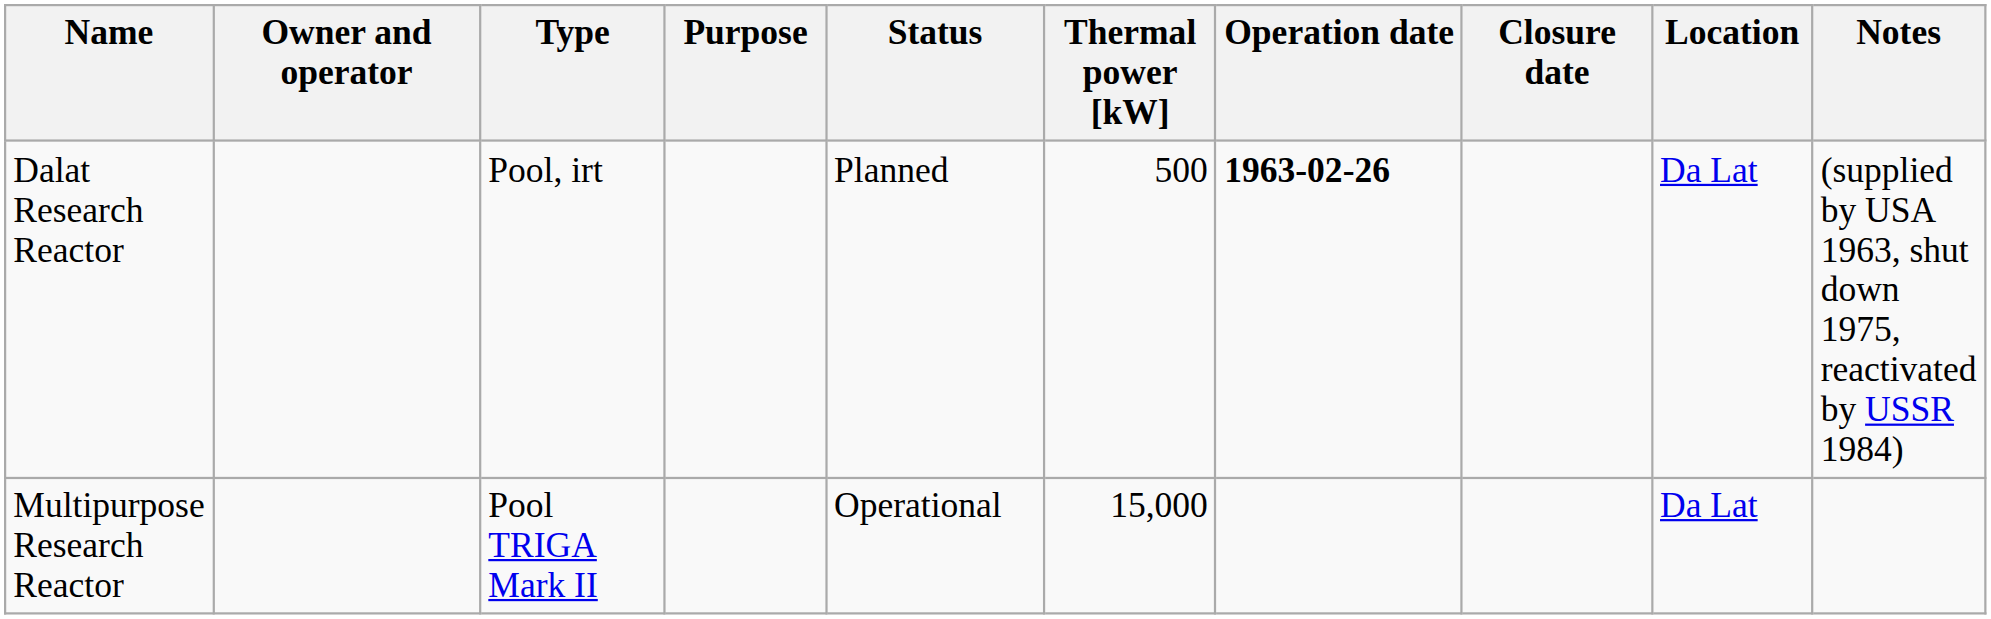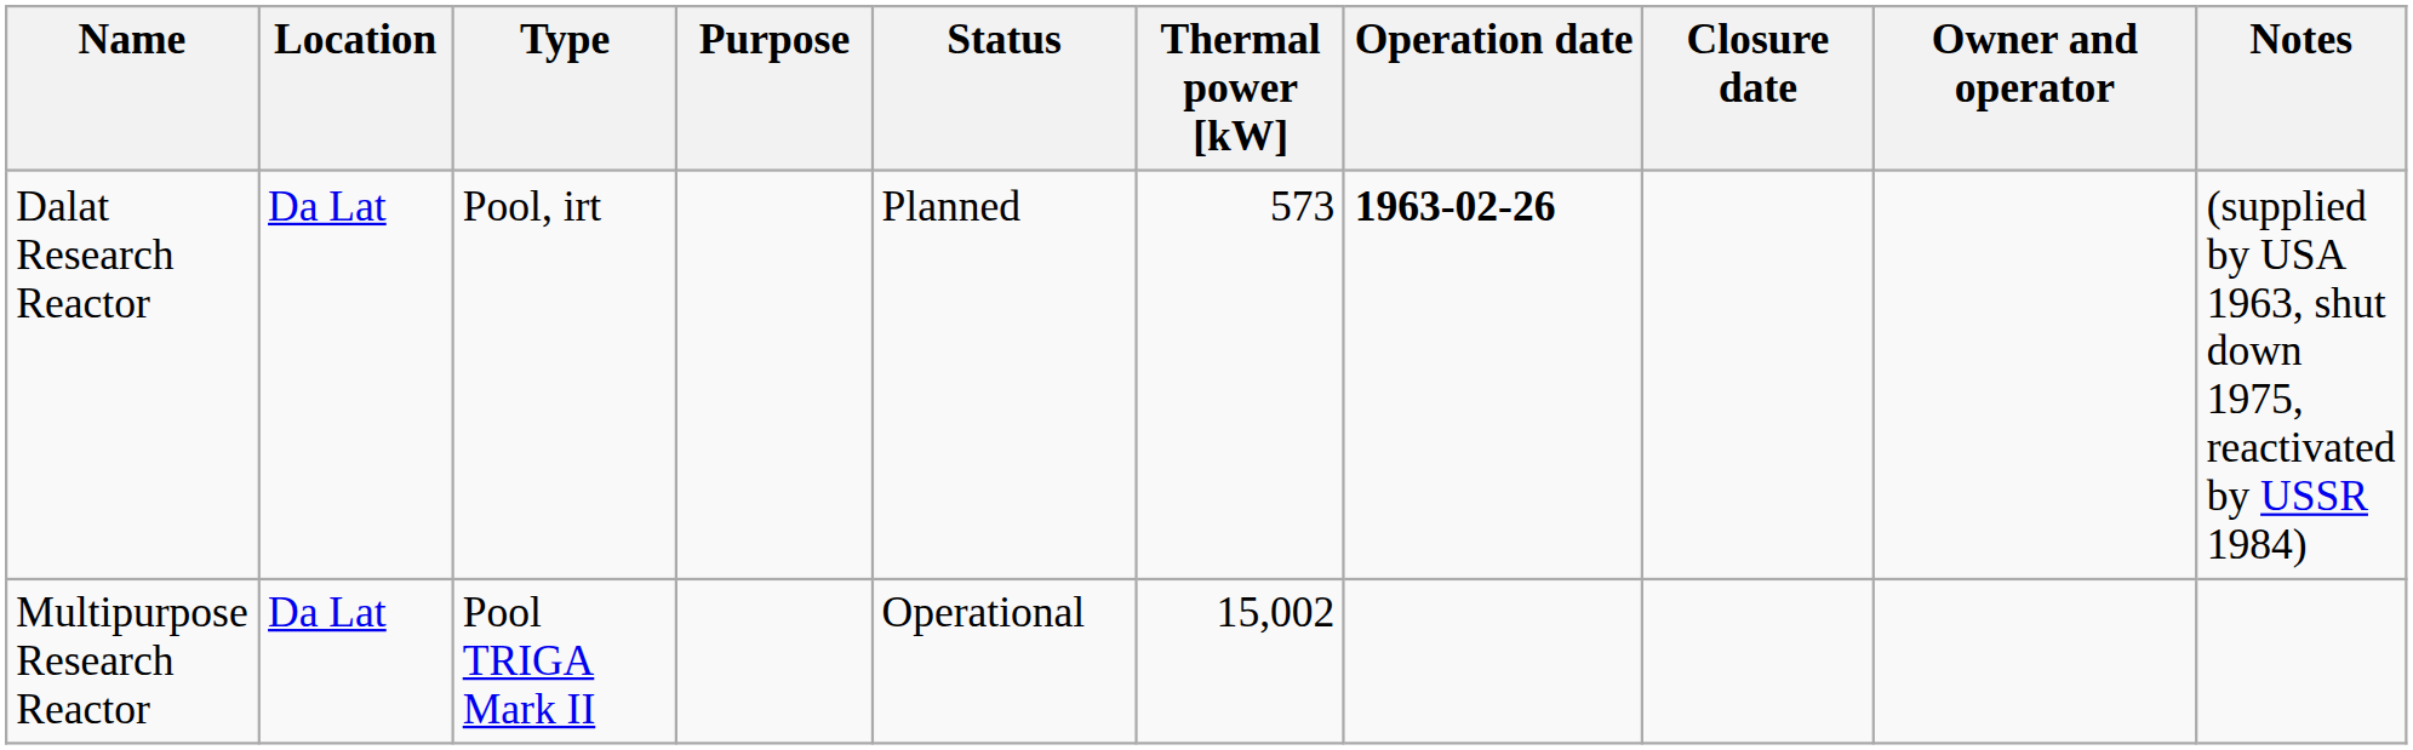 <table class="wikitable" >
 <tr valign="top">
 <th width="80">Name</th>
-<th width="113“">Owner and operator</th>
+<th width="65">Location</th>
 <th width="76">Type</th>
 <th width="65">Purpose</th>
 <th width="91">Status</th>
 <th width="70“">Thermal power [kW]</th>
 <th width=„67“>Operation date</th>
 <th width="78“">Closure date</th>
-<th width="65">Location</th>
+<th width="113“">Owner and operator</th>
 <th width="65">Notes</th>
 </tr>
 <tr valign="top">
 <td>Dalat Research Reactor</td>
-<td></td>
+<td><a href='#'>Da Lat</a></td>
 <td>Pool, irt</td>
 <td></td>
 <td>Planned</td>
-<td align="right">500</td>
+<td align="right">573</td>
 <td><strong>1963-02-26</strong></td>
 <td></td>
-<td><a href='#'>Da Lat</a></td>
+<td></td>
 <td>(supplied by USA 1963, shut down 1975, reactivated by <a href='#'>USSR</a> 1984)</td>
 </tr>
 <tr valign="top">
 <td>Multipurpose Research Reactor</td>
-<td></td>
+<td><a href='#'>Da Lat</a></td>
 <td>Pool <a href='#'>TRIGA Mark II</a></td>
 <td></td>
 <td>Operational</td>
-<td align="right">15,000</td>
+<td align="right">15,002</td>
 <td> </td>
 <td></td>
-<td><a href='#'>Da Lat</a></td>
+<td></td>
 <td></td>
 </tr>
 </table>
